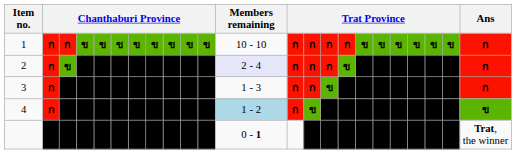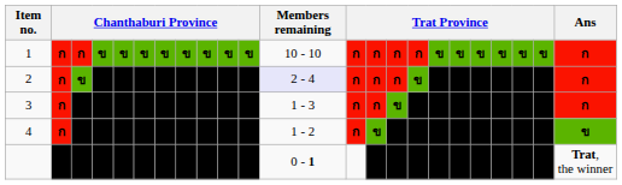 <table class="wikitable" style="text-align: center">
 <tr>
 <th width=50px>Item no.</th>
 <th colspan=10 width=250px> <a href='#'>Chanthaburi Province</a></th>
 <th width=100px>Members remaining</th>
 <th colspan=10 width=250px> <a href='#'>Trat Province</a></th>
 <th width=70px>Ans</th>
 </tr>
 <tr>
 <td>1</td>
 <td style = "background:#fb1300;"><strong>ก</strong></td>
 <td style="background:#fb1300;"><strong>ก</strong></td>
 <td style="background:#5bb400;"><strong>ข</strong></td>
 <td style="background:#5bb400;"><strong>ข</strong></td>
 <td style="background:#5bb400;"><strong>ข</strong></td>
 <td style="background:#5bb400;"><strong>ข</strong></td>
 <td style="background:#5bb400;"><strong>ข</strong></td>
 <td style="background:#5bb400;"><strong>ข</strong></td>
 <td style="background:#5bb400;"><strong>ข</strong></td>
 <td style="background:#5bb400;"><strong>ข</strong></td>
 <td>10 - 10</td>
 <td style = "background:#fb1300;"><strong>ก</strong></td>
 <td style="background:#fb1300;"><strong>ก</strong></td>
 <td style="background:#fb1300;"><strong>ก</strong></td>
 <td style="background:#fb1300;"><strong>ก</strong></td>
 <td style="background:#5bb400;"><strong>ข</strong></td>
 <td style="background:#5bb400;"><strong>ข</strong></td>
 <td style="background:#5bb400;"><strong>ข</strong></td>
 <td style="background:#5bb400;"><strong>ข</strong></td>
 <td style="background:#5bb400;"><strong>ข</strong></td>
 <td style="background:#5bb400;"><strong>ข</strong></td>
 <td style = "background:#fb1300;"><strong>ก</strong></td>
 </tr>
 <tr>
 <td>2</td>
 <td style = "background:#fb1300;"><strong>ก</strong></td>
 <td style="background:#5bb400;"><strong>ข</strong></td>
 <td style="background:#000000;"></td>
 <td style="background:#000000;"></td>
 <td style="background:#000000;"></td>
 <td style="background:#000000;"></td>
 <td style="background:#000000;"></td>
 <td style="background:#000000;"></td>
 <td style="background:#000000;"></td>
 <td style="background:#000000;"></td>
 <td style="background: lavender;">2 - 4</td>
 <td style = "background:#fb1300;"><strong>ก</strong></td>
 <td style="background:#fb1300;"><strong>ก</strong></td>
 <td style="background:#fb1300;"><strong>ก</strong></td>
 <td style="background:#5bb400;"><strong>ข</strong></td>
 <td style="background:#000000;"></td>
 <td style="background:#000000;"></td>
 <td style="background:#000000;"></td>
 <td style="background:#000000;"></td>
 <td style="background:#000000;"></td>
 <td style="background:#000000;"></td>
 <td style = "background:#fb1300;"><strong>ก</strong></td>
 </tr>
 <tr>
 <td>3</td>
 <td style = "background:#fb1300;"><strong>ก</strong></td>
 <td style="background:#000000;"></td>
 <td style="background:#000000;"></td>
 <td style="background:#000000;"></td>
 <td style="background:#000000;"></td>
 <td style="background:#000000;"></td>
 <td style="background:#000000;"></td>
 <td style="background:#000000;"></td>
 <td style="background:#000000;"></td>
 <td style="background:#000000;"></td>
 <td>1 - 3</td>
 <td style = "background:#fb1300;"><strong>ก</strong></td>
 <td style="background:#fb1300;"><strong>ก</strong></td>
 <td style="background:#5bb400;"><strong>ข</strong></td>
 <td style="background:#000000;"></td>
 <td style="background:#000000;"></td>
 <td style="background:#000000;"></td>
 <td style="background:#000000;"></td>
 <td style="background:#000000;"></td>
 <td style="background:#000000;"></td>
 <td style="background:#000000;"></td>
 <td style = "background:#fb1300;"><strong>ก</strong></td>
 </tr>
 <tr>
 <td>4</td>
 <td style = "background:#fb1300;"><strong>ก</strong></td>
 <td style="background:#000000;"></td>
 <td style="background:#000000;"></td>
 <td style="background:#000000;"></td>
 <td style="background:#000000;"></td>
 <td style="background:#000000;"></td>
 <td style="background:#000000;"></td>
 <td style="background:#000000;"></td>
 <td style="background:#000000;"></td>
 <td style="background:#000000;"></td>
-<td style="background: lightblue;">1 - 2</td>
+<td>1 - 2</td>
 <td style = "background:#fb1300;"><strong>ก</strong></td>
 <td style="background:#5bb400;"><strong>ข</strong></td>
 <td style="background:#000000;"></td>
 <td style="background:#000000;"></td>
 <td style="background:#000000;"></td>
 <td style="background:#000000;"></td>
 <td style="background:#000000;"></td>
 <td style="background:#000000;"></td>
 <td style="background:#000000;"></td>
 <td style="background:#000000;"></td>
 <td style = "background:#5bb400;"><strong>ข</strong></td>
 </tr>
 <tr>
 <td></td>
 <td style = "background:#000000;"></td>
 <td style="background:#000000;"></td>
 <td style="background:#000000;"></td>
 <td style="background:#000000;"></td>
 <td style="background:#000000;"></td>
 <td style="background:#000000;"></td>
 <td style="background:#000000;"></td>
 <td style="background:#000000;"></td>
 <td style="background:#000000;"></td>
 <td style="background:#000000;"></td>
 <td>0 - <strong>1</strong></td>
 <td></td>
 <td style="background:#000000;"></td>
 <td style="background:#000000;"></td>
 <td style="background:#000000;"></td>
 <td style="background:#000000;"></td>
 <td style="background:#000000;"></td>
 <td style="background:#000000;"></td>
 <td style="background:#000000;"></td>
 <td style="background:#000000;"></td>
 <td style="background:#000000;"></td>
 <td><strong>Trat</strong>,<br> the winner</td>
 </tr>
 </table>
